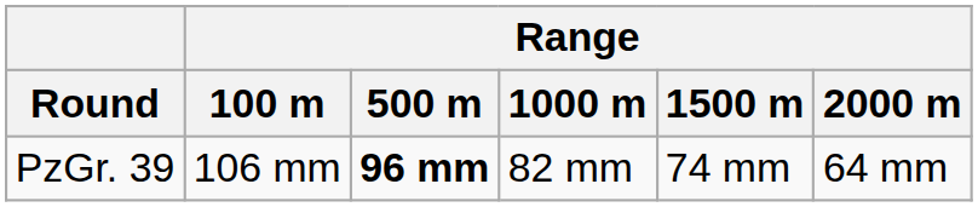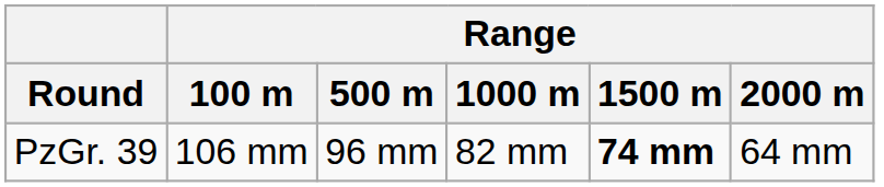 <table class="wikitable">
 <tr>
 <th></th>
 <th colspan=5>Range</th>
 </tr>
 <tr>
 <th>Round</th>
 <th>100 m</th>
 <th>500 m</th>
 <th>1000 m</th>
 <th>1500 m</th>
 <th>2000 m</th>
 </tr>
 <tr>
 <td>PzGr. 39</td>
 <td>106 mm</td>
-<td><strong>96 mm</strong></td>
+<td>96 mm</td>
 <td>82 mm</td>
-<td>74 mm</td>
+<td><strong>74 mm</strong></td>
 <td>64 mm</td>
 </tr>
 </table>
